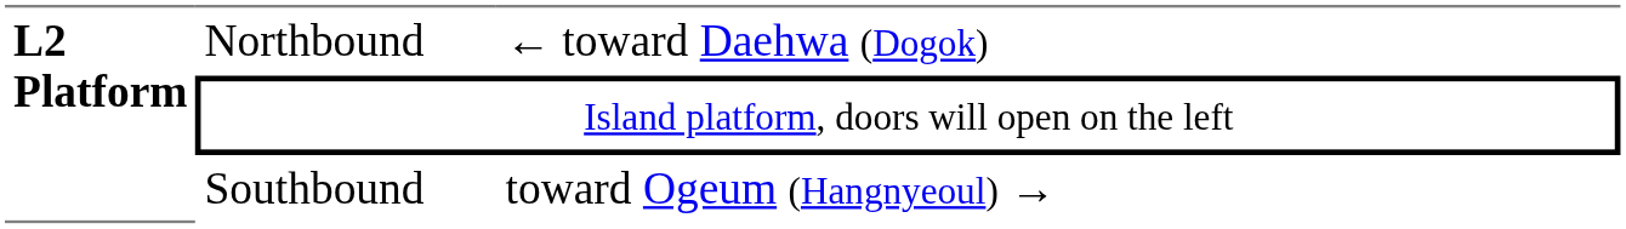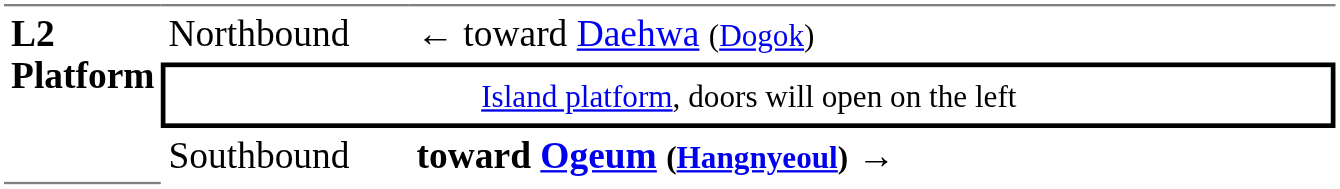 <table table border=0 cellspacing=0 cellpadding=3>
 <tr>
 <td style="border-top:solid 1px gray;border-bottom:solid 1px gray;" width=50 rowspan=10 valign=top><strong>L2<br>Platform</strong></td>
 <td style="border-bottom:solid 0px gray;border-top:solid 1px gray;" width=100>Northbound</td>
 <td style="border-bottom:solid 0px gray;border-top:solid 1px gray;" width=390>←  toward <a href='#'>Daehwa</a> <small>(<a href='#'>Dogok</a>)</small></td>
 </tr>
 <tr>
 <td style="border-top:solid 2px black;border-right:solid 2px black;border-left:solid 2px black;border-bottom:solid 2px black;text-align:center;" colspan=2><small><a href='#'>Island platform</a>, doors will open on the left</small></td>
 </tr>
 <tr>
 <td>Southbound</td>
-<td>  toward <a href='#'>Ogeum</a> <small>(<a href='#'>Hangnyeoul</a>)</small> →</td>
+<td><strong>  toward <a href='#'>Ogeum</a> <small>(<a href='#'>Hangnyeoul</a>)</small> →</strong></td>
 </tr>
 </table>
